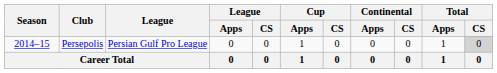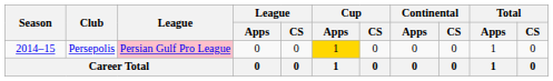 <table class="wikitable" style="text-align: center;">
 <tr>
 <th rowspan="2" style="width:80px;">Season</th>
 <th rowspan="2">Club</th>
 <th rowspan="2">League</th>
 <th colspan="2" style="width:105px;">League</th>
 <th colspan="2" style="width:105px;">Cup</th>
 <th colspan="2" style="width:105px;">Continental</th>
 <th colspan="2" style="width:105px;">Total</th>
 </tr>
 <tr>
 <th>Apps</th>
 <th>CS</th>
 <th>Apps</th>
 <th>CS</th>
 <th>Apps</th>
 <th>CS</th>
 <th>Apps</th>
 <th>CS</th>
 </tr>
 <tr>
 <td><a href='#'>2014–15</a></td>
 <td><a href='#'>Persepolis</a></td>
-<td><a href='#'>Persian Gulf Pro League</a></td>
+<td style="background: pink;"><a href='#'>Persian Gulf Pro League</a></td>
+<td>0</td>
+<td>0</td>
+<td style="background: gold;">1</td>
+<td>0</td>
 <td>0</td>
 <td>0</td>
 <td>1</td>
 <td>0</td>
-<td>0</td>
-<td>0</td>
-<td>1</td>
-<td style="background: lightgrey;">0</td>
 </tr>
 <tr>
 <th colspan="3">Career Total</th>
 <th>0</th>
 <th>0</th>
 <th>1</th>
 <th>0</th>
 <th>0</th>
 <th>0</th>
 <th>1</th>
 <th>0</th>
 </tr>
 </table>
